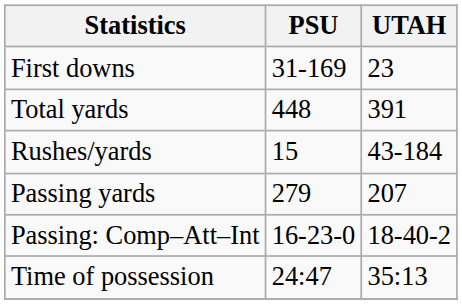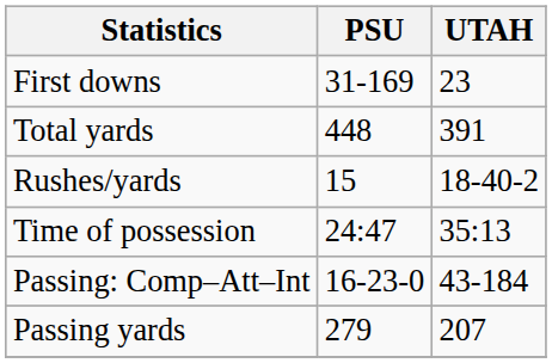 <table class="wikitable" style="float: left;">
 <tr>
 <th>Statistics</th>
 <th>PSU</th>
 <th>UTAH</th>
 </tr>
 <tr>
 <td>First downs</td>
 <td>31-169</td>
 <td>23</td>
 </tr>
 <tr>
 <td>Total yards</td>
 <td>448</td>
 <td>391</td>
 </tr>
 <tr>
 <td>Rushes/yards</td>
 <td>15</td>
+<td>18-40-2</td>
+</tr>
+<tr>
+<td>Time of possession</td>
+<td>24:47</td>
+<td>35:13</td>
+</tr>
+<tr>
+<td>Passing: Comp–Att–Int</td>
+<td>16-23-0</td>
 <td>43-184</td>
 </tr>
 <tr>
 <td>Passing yards</td>
 <td>279</td>
 <td>207</td>
 </tr>
 <tr>
-<td>Passing: Comp–Att–Int</td>
-<td>16-23-0</td>
-<td>18-40-2</td>
-</tr>
-<tr>
-<td>Time of possession</td>
-<td>24:47</td>
-<td>35:13</td>
-</tr>
-<tr>
 </tr>
 </table>
